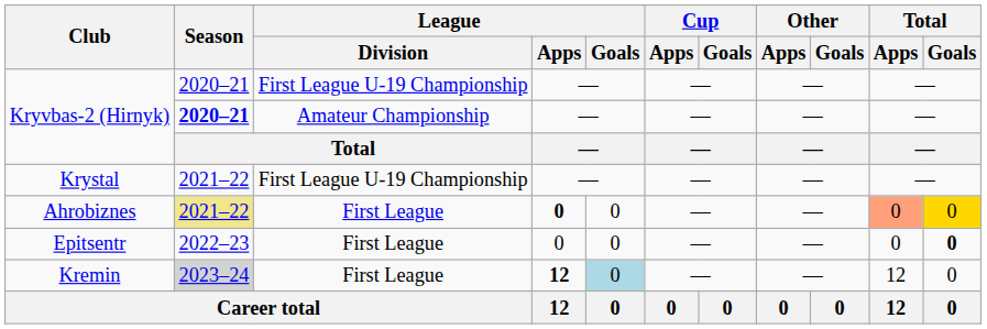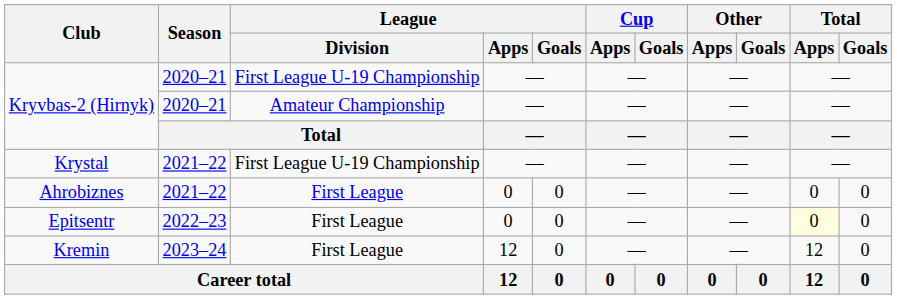 <table class=wikitable style="text-align:center">
 <tr>
 <th rowspan=2>Club</th>
 <th rowspan=2>Season</th>
 <th colspan=3>League</th>
 <th colspan=2><a href='#'>Cup</a></th>
 <th colspan="2">Other</th>
 <th colspan=2>Total</th>
 </tr>
 <tr>
 <th>Division</th>
 <th>Apps</th>
 <th>Goals</th>
 <th>Apps</th>
 <th>Goals</th>
 <th>Apps</th>
 <th>Goals</th>
 <th>Apps</th>
 <th>Goals</th>
 </tr>
 <tr>
 <td rowspan=3><a href='#'>Kryvbas-2 (Hirnyk)</a></td>
 <td><a href='#'>2020–21</a></td>
 <td><a href='#'>First League U-19 Championship</a></td>
 <td colspan=2>—</td>
 <td colspan=2>—</td>
 <td colspan=2>—</td>
 <td colspan=2>—</td>
 </tr>
 <tr>
-<td><strong><a href='#'>2020–21</a></strong></td>
+<td><a href='#'>2020–21</a></td>
 <td><a href='#'>Amateur Championship</a></td>
 <td colspan=2>—</td>
 <td colspan=2>—</td>
 <td colspan=2>—</td>
 <td colspan=2>—</td>
 </tr>
 <tr>
 <th colspan=2>Total</th>
 <th colspan=2>—</th>
 <th colspan=2>—</th>
 <th colspan=2>—</th>
 <th colspan=2>—</th>
 </tr>
 <tr>
 <td><a href='#'>Krystal</a></td>
 <td><a href='#'>2021–22</a></td>
 <td>First League U-19 Championship</td>
 <td colspan=2>—</td>
 <td colspan=2>—</td>
 <td colspan=2>—</td>
 <td colspan=2>—</td>
 </tr>
 <tr>
 <td><a href='#'>Ahrobiznes</a></td>
-<td style="background: khaki;"><a href='#'>2021–22</a></td>
+<td><a href='#'>2021–22</a></td>
 <td><a href='#'>First League</a></td>
-<td><strong>0</strong></td>
+<td>0</td>
 <td>0</td>
 <td colspan=2>—</td>
 <td colspan=2>—</td>
-<td style="background: lightsalmon;">0</td>
-<td style="background: gold;">0</td>
+<td>0</td>
+<td>0</td>
 </tr>
 <tr>
 <td><a href='#'>Epitsentr</a></td>
 <td><a href='#'>2022–23</a></td>
 <td>First League</td>
 <td>0</td>
 <td>0</td>
 <td colspan=2>—</td>
 <td colspan=2>—</td>
+<td style="background: lightyellow;">0</td>
 <td>0</td>
-<td><strong>0</strong></td>
 </tr>
 <tr>
 <td><a href='#'>Kremin</a></td>
-<td style="background: lightgrey;"><a href='#'>2023–24</a></td>
+<td><a href='#'>2023–24</a></td>
 <td>First League</td>
-<td><strong>12</strong></td>
-<td style="background: lightblue;">0</td>
+<td>12</td>
+<td>0</td>
 <td colspan=2>—</td>
 <td colspan=2>—</td>
 <td>12</td>
 <td>0</td>
 </tr>
 <tr>
 <th colspan=3>Career total</th>
 <th>12</th>
 <th>0</th>
 <th>0</th>
 <th>0</th>
 <th>0</th>
 <th>0</th>
 <th>12</th>
 <th>0</th>
 </tr>
 </table>
